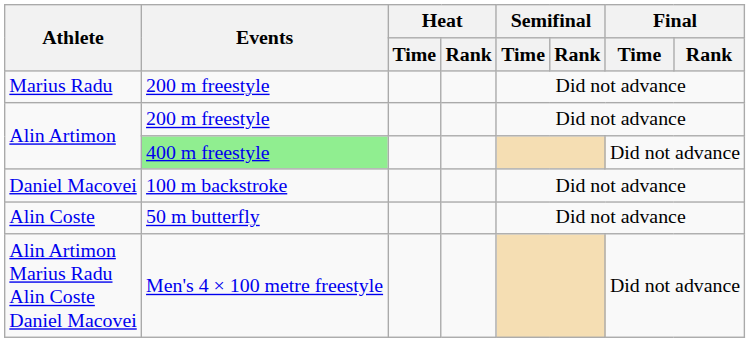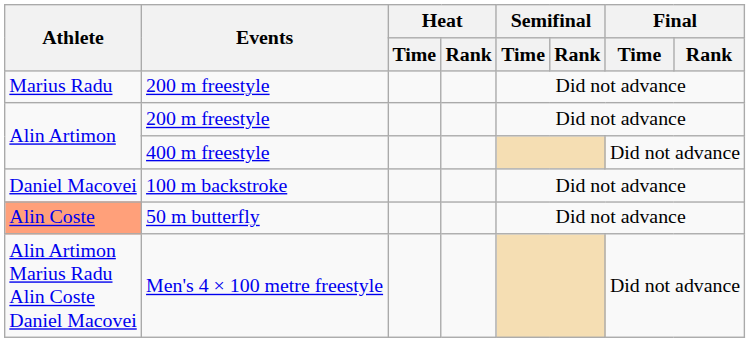 <table class=wikitable style="font-size:90%">
 <tr>
 <th rowspan="2">Athlete</th>
 <th rowspan="2">Events</th>
 <th colspan="2">Heat</th>
 <th colspan="2">Semifinal</th>
 <th colspan="2">Final</th>
 </tr>
 <tr>
 <th>Time</th>
 <th>Rank</th>
 <th>Time</th>
 <th>Rank</th>
 <th>Time</th>
 <th>Rank</th>
 </tr>
 <tr>
 <td><a href='#'>Marius Radu</a></td>
 <td><a href='#'>200 m freestyle</a></td>
 <td></td>
 <td></td>
 <td align=center colspan="4">Did not advance</td>
 </tr>
 <tr>
 <td rowspan="2"><a href='#'>Alin Artimon</a></td>
 <td><a href='#'>200 m freestyle</a></td>
 <td></td>
 <td></td>
 <td align=center colspan="4">Did not advance</td>
 </tr>
 <tr>
-<td style="background: lightgreen;"><a href='#'>400 m freestyle</a></td>
+<td><a href='#'>400 m freestyle</a></td>
 <td></td>
 <td></td>
 <td colspan="2" bgcolor="wheat"></td>
 <td align=center colspan="2">Did not advance</td>
 </tr>
 <tr>
 <td><a href='#'>Daniel Macovei</a></td>
 <td><a href='#'>100 m backstroke</a></td>
 <td></td>
 <td></td>
 <td align=center colspan="4">Did not advance</td>
 </tr>
 <tr>
-<td><a href='#'>Alin Coste</a></td>
+<td style="background: lightsalmon;"><a href='#'>Alin Coste</a></td>
 <td><a href='#'>50 m butterfly</a></td>
 <td></td>
 <td></td>
 <td align=center colspan="4">Did not advance</td>
 </tr>
 <tr>
 <td rowspan="1"><a href='#'>Alin Artimon</a><br><a href='#'>Marius Radu</a><br><a href='#'>Alin Coste</a><br><a href='#'>Daniel Macovei</a></td>
 <td><a href='#'>Men's 4 × 100 metre freestyle</a></td>
 <td></td>
 <td></td>
 <td colspan="2" bgcolor="wheat"></td>
 <td align=center colspan="2">Did not advance</td>
 </tr>
 </table>
